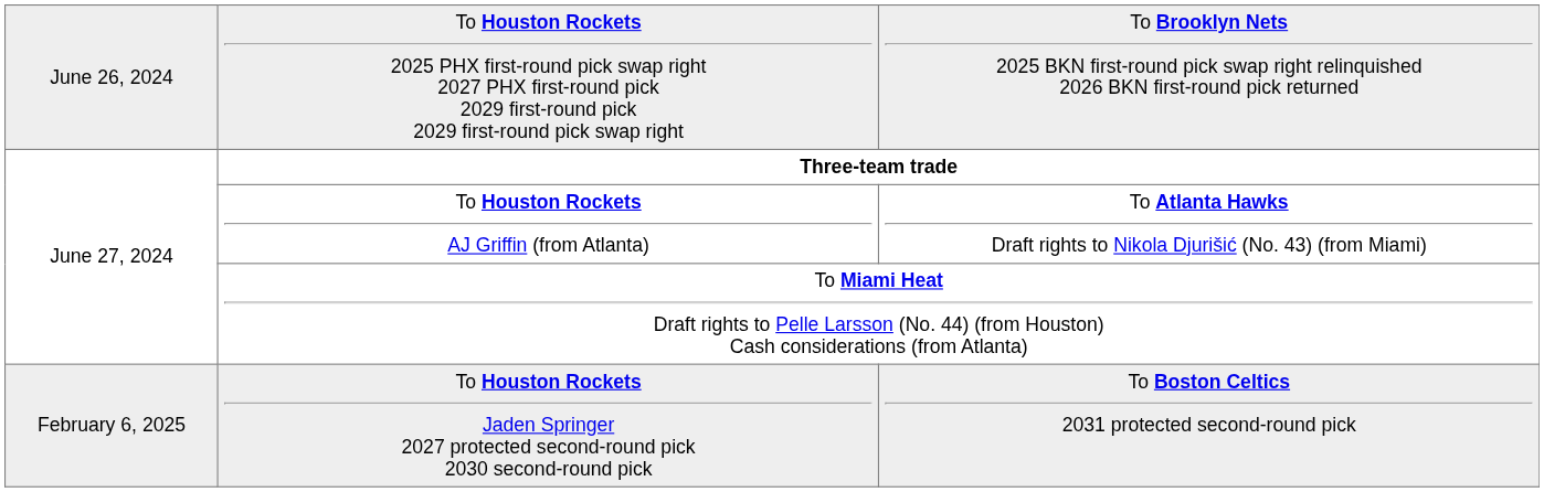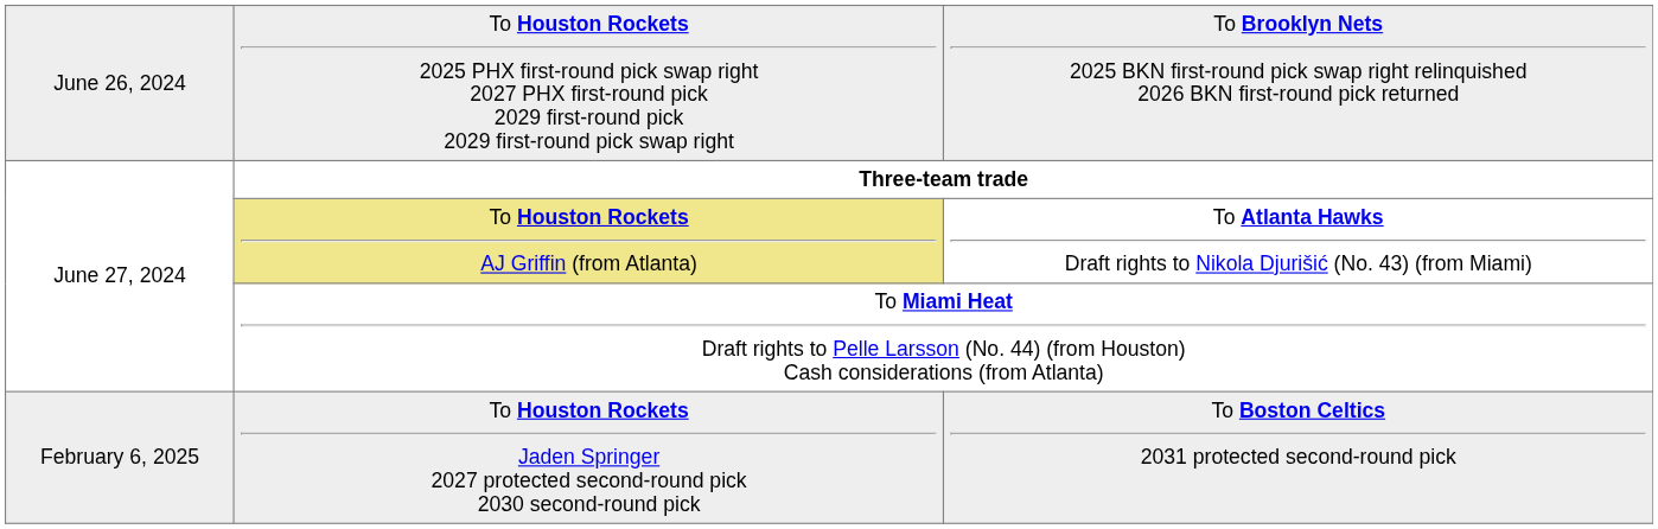 <table border="1" style="border-collapse:collapse; text-align:center; width:100%;"  cellpadding="5">
 <tr style="background:#eee;">
 <td style="width:10%">June 26, 2024</td>
 <td style="width:31%; vertical-align:top;">To <strong><a href='#'>Houston Rockets</a></strong><hr>2025 PHX first-round pick swap right<br>2027 PHX first-round pick<br>2029 first-round pick<br>2029 first-round pick swap right</td>
 <td style="width:31%; vertical-align:top;">To <strong><a href='#'>Brooklyn Nets</a></strong><hr>2025 BKN first-round pick swap right relinquished<br>2026 BKN first-round pick returned</td>
 </tr>
 <tr>
 <td rowspan=3>June 27, 2024</td>
 <td colspan=2><strong>Three-team trade</strong></td>
 </tr>
 <tr>
-<td style="width:31%; vertical-align:top;">To <strong><a href='#'>Houston Rockets</a></strong><hr><a href='#'>AJ Griffin</a> (from Atlanta)</td>
+<td style="background: khaki; width:31%; vertical-align:top;">To <strong><a href='#'>Houston Rockets</a></strong><hr><a href='#'>AJ Griffin</a> (from Atlanta)</td>
 <td style="width:31%; vertical-align:top;">To <strong><a href='#'>Atlanta Hawks</a></strong><hr>Draft rights to <a href='#'>Nikola Djurišić</a> (No. 43) (from Miami)</td>
 </tr>
 <tr>
 <td colspan=2>To <strong><a href='#'>Miami Heat</a></strong><hr>Draft rights to <a href='#'>Pelle Larsson</a> (No. 44) (from Houston)<br>Cash considerations (from Atlanta)</td>
 </tr>
 <tr style="background:#eee;">
 <td style="width:10%">February 6, 2025</td>
 <td style="width:31%; vertical-align:top;">To <strong><a href='#'>Houston Rockets</a></strong><hr><a href='#'>Jaden Springer</a><br>2027 protected second-round pick<br>2030 second-round pick</td>
 <td style="width:31%; vertical-align:top;">To <strong><a href='#'>Boston Celtics</a></strong><hr>2031 protected second-round pick</td>
 </tr>
 </table>
